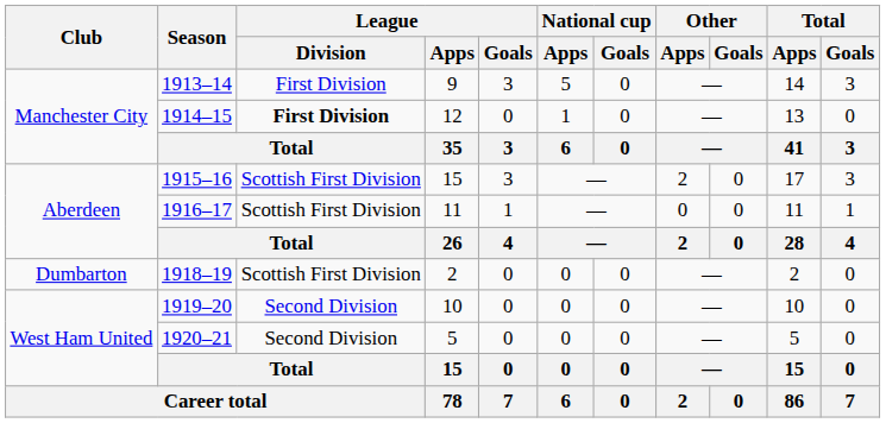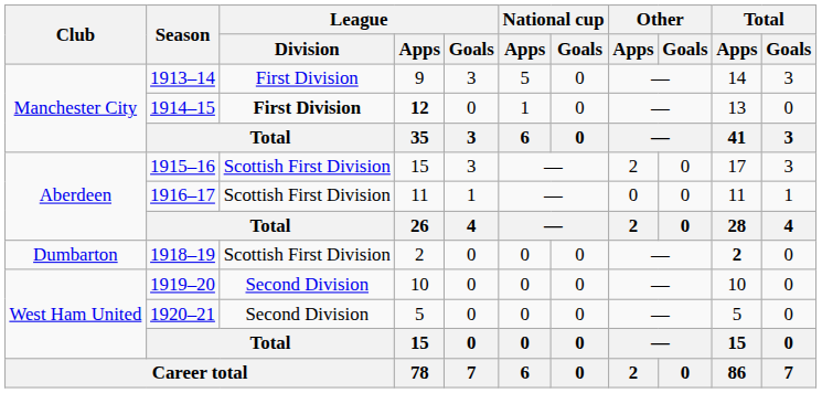 <table class="wikitable" style="text-align: center;">
 <tr>
 <th rowspan="2">Club</th>
 <th rowspan="2">Season</th>
 <th colspan="3">League</th>
 <th colspan="2">National cup</th>
 <th colspan="2">Other</th>
 <th colspan="2">Total</th>
 </tr>
 <tr>
 <th>Division</th>
 <th>Apps</th>
 <th>Goals</th>
 <th>Apps</th>
 <th>Goals</th>
 <th>Apps</th>
 <th>Goals</th>
 <th>Apps</th>
 <th>Goals</th>
 </tr>
 <tr>
 <td rowspan="3"><a href='#'>Manchester City</a></td>
 <td><a href='#'>1913–14</a></td>
 <td><a href='#'>First Division</a></td>
 <td>9</td>
 <td>3</td>
 <td>5</td>
 <td>0</td>
 <td colspan="2">—</td>
 <td>14</td>
 <td>3</td>
 </tr>
 <tr>
 <td><a href='#'>1914–15</a></td>
 <td><strong>First Division</strong></td>
-<td>12</td>
+<td><strong>12</strong></td>
 <td>0</td>
 <td>1</td>
 <td>0</td>
 <td colspan="2">—</td>
 <td>13</td>
 <td>0</td>
 </tr>
 <tr>
 <th colspan="2">Total</th>
 <th>35</th>
 <th>3</th>
 <th>6</th>
 <th>0</th>
 <th colspan="2">—</th>
 <th>41</th>
 <th>3</th>
 </tr>
 <tr>
 <td rowspan="3"><a href='#'>Aberdeen</a></td>
 <td><a href='#'>1915–16</a></td>
 <td><a href='#'>Scottish First Division</a></td>
 <td>15</td>
 <td>3</td>
 <td colspan="2">—</td>
 <td>2</td>
 <td>0</td>
 <td>17</td>
 <td>3</td>
 </tr>
 <tr>
 <td><a href='#'>1916–17</a></td>
 <td>Scottish First Division</td>
 <td>11</td>
 <td>1</td>
 <td colspan="2">—</td>
 <td>0</td>
 <td>0</td>
 <td>11</td>
 <td>1</td>
 </tr>
 <tr>
 <th colspan="2">Total</th>
 <th>26</th>
 <th>4</th>
 <th colspan="2">—</th>
 <th>2</th>
 <th>0</th>
 <th>28</th>
 <th>4</th>
 </tr>
 <tr>
 <td><a href='#'>Dumbarton</a></td>
 <td><a href='#'>1918–19</a></td>
 <td>Scottish First Division</td>
 <td>2</td>
 <td>0</td>
 <td>0</td>
 <td>0</td>
 <td colspan="2">—</td>
-<td>2</td>
+<td><strong>2</strong></td>
 <td>0</td>
 </tr>
 <tr>
 <td rowspan="3"><a href='#'>West Ham United</a></td>
 <td><a href='#'>1919–20</a></td>
 <td><a href='#'>Second Division</a></td>
 <td>10</td>
 <td>0</td>
 <td>0</td>
 <td>0</td>
 <td colspan="2">—</td>
 <td>10</td>
 <td>0</td>
 </tr>
 <tr>
 <td><a href='#'>1920–21</a></td>
 <td>Second Division</td>
 <td>5</td>
 <td>0</td>
 <td>0</td>
 <td>0</td>
 <td colspan="2">—</td>
 <td>5</td>
 <td>0</td>
 </tr>
 <tr>
 <th colspan="2">Total</th>
 <th>15</th>
 <th>0</th>
 <th>0</th>
 <th>0</th>
 <th colspan="2">—</th>
 <th>15</th>
 <th>0</th>
 </tr>
 <tr>
 <th colspan="3">Career total</th>
 <th>78</th>
 <th>7</th>
 <th>6</th>
 <th>0</th>
 <th>2</th>
 <th>0</th>
 <th>86</th>
 <th>7</th>
 </tr>
 </table>
